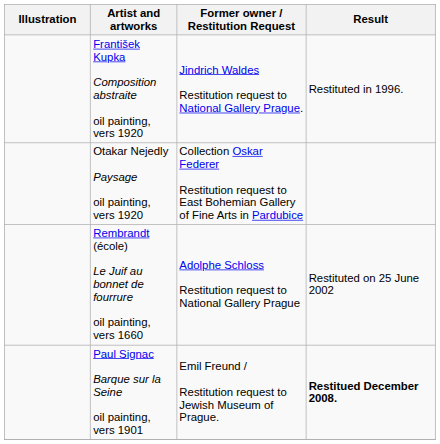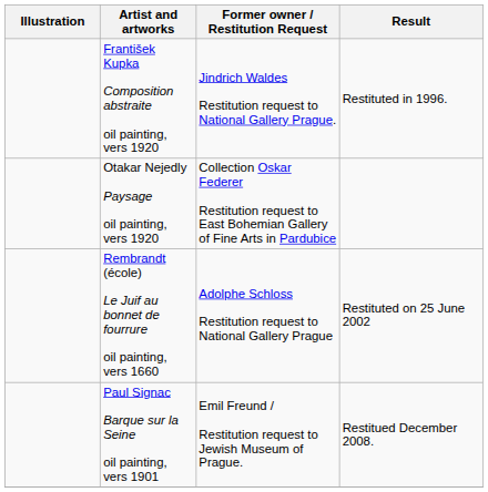 <table class="wikitable alternance centre">
 <tr>
 <th class="unsortable" width="20">Illustration</th>
 <th width="20%">Artist and artworks</th>
 <th width="30%">Former owner / Restitution Request</th>
 <th width="30%">Result</th>
 </tr>
 <tr>
 <td></td>
 <td><a href='#'>František Kupka</a><br><br><em>Composition abstraite</em><br><br>oil painting, vers 1920</td>
 <td><a href='#'>Jindrich Waldes</a><br><br>Restitution request to <a href='#'>National Gallery Prague</a>.</td>
 <td>Restituted in 1996.</td>
 </tr>
 <tr>
 <td></td>
 <td>Otakar Nejedly<br><br><em>Paysage</em><br><br>oil painting, vers 1920</td>
 <td>Collection <a href='#'>Oskar Federer</a><br><br>Restitution request to East Bohemian Gallery of Fine Arts in <a href='#'>Pardubice</a></td>
 <td></td>
 </tr>
 <tr>
 <td></td>
 <td><a href='#'>Rembrandt</a> (école)<br><br><em>Le Juif au bonnet de fourrure</em><br><br>oil painting, vers 1660</td>
 <td><a href='#'>Adolphe Schloss</a><br><br>Restitution request to National Gallery Prague</td>
 <td>Restituted on 25 June 2002</td>
 </tr>
 <tr>
 <td></td>
 <td><a href='#'>Paul Signac</a><br><br><em>Barque sur la Seine</em><br><br>oil painting, vers 1901</td>
 <td>Emil Freund /<br><br>Restitution request to Jewish Museum of Prague.</td>
-<td><strong>Restitued December 2008.</strong></td>
+<td>Restitued December 2008.</td>
 </tr>
 <tr>
 </tr>
 </table>
